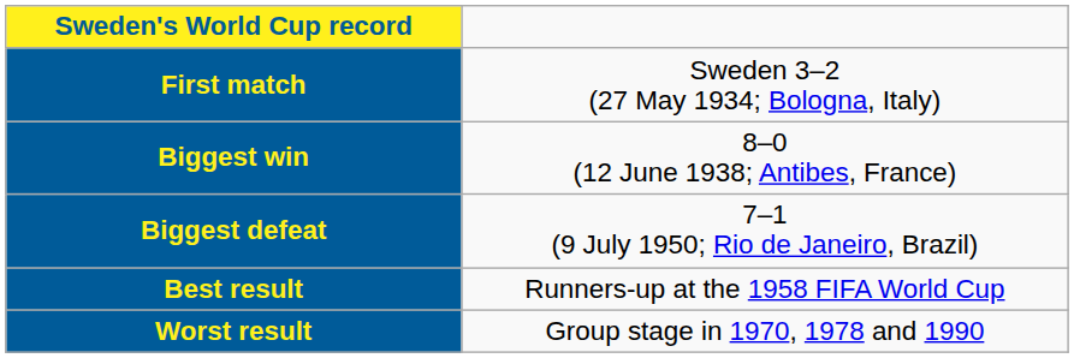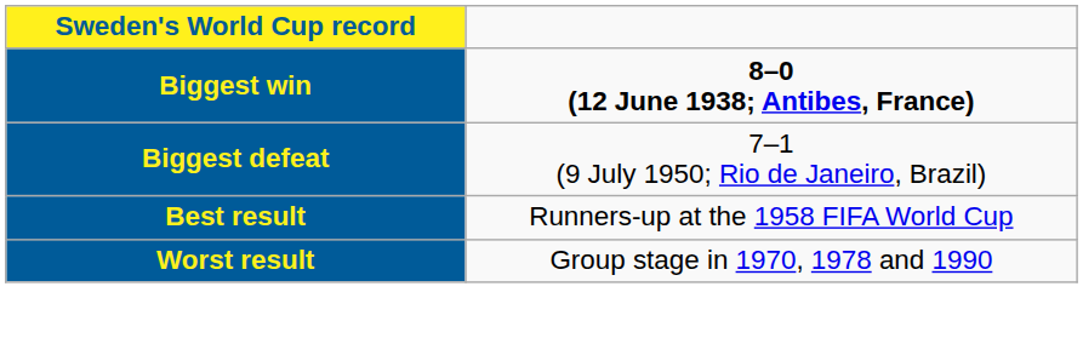 <table class="wikitable collapsible collapsed" style="width:50%;text-align:center">
 <tr>
 <th style="background:#FFF01C; color:#005B99; "><strong>Sweden's World Cup record</strong></th>
 </tr>
 <tr>
-<th style="background:#005B99; color:#FFF01C">First match</th>
-<td> Sweden 3–2 <br> (27 May 1934; <a href='#'>Bologna</a>, Italy)</td>
-</tr>
-<tr>
 <th style="background:#005B99; color:#FFF01C">Biggest win</th>
-<td> 8–0 <br> (12 June 1938; <a href='#'>Antibes</a>, France)</td>
+<td><strong> 8–0 <br> (12 June 1938; <a href='#'>Antibes</a>, France)</strong></td>
 </tr>
 <tr>
 <th style="background:#005B99; color:#FFF01C">Biggest defeat</th>
 <td> 7–1 <br> (9 July 1950; <a href='#'>Rio de Janeiro</a>, Brazil)</td>
 </tr>
 <tr>
 <th style="background:#005B99; color:#FFF01C">Best result</th>
 <td>Runners-up at the <a href='#'>1958 FIFA World Cup</a></td>
 </tr>
 <tr>
 <th style="background:#005B99; color:#FFF01C">Worst result</th>
 <td>Group stage in <a href='#'>1970</a>, <a href='#'>1978</a> and <a href='#'>1990</a></td>
 </tr>
 </table>
